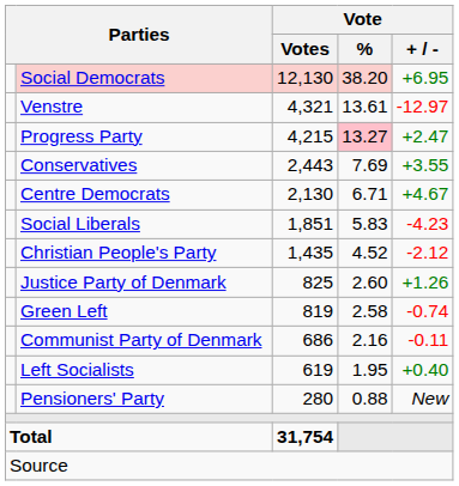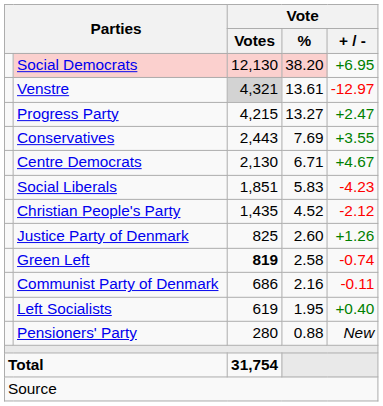 <table class="wikitable" style="text-align:right;">
 <tr>
 <th style="text-align:centre;" rowspan="2" colspan="2" width="225">Parties</th>
 <th colspan="3">Vote</th>
 </tr>
 <tr>
 <th width="15">Votes</th>
 <th width="15">%</th>
 <th width="15">+ / -</th>
 </tr>
 <tr>
 <td width="2" style="color:inherit;background:"></td>
 <td bgcolor=#fbd0ce  align="left"><a href='#'>Social Democrats</a></td>
 <td bgcolor=#fbd0ce>12,130</td>
 <td bgcolor=#fbd0ce>38.20</td>
 <td style=color:green;>+6.95</td>
 </tr>
 <tr>
 <td width="2" style="color:inherit;background:"></td>
 <td align="left"><a href='#'>Venstre</a></td>
-<td>4,321</td>
+<td style="background: lightgrey;">4,321</td>
 <td>13.61</td>
 <td style=color:red;>-12.97</td>
 </tr>
 <tr>
 <td width="2" style="color:inherit;background:"></td>
 <td align="left"><a href='#'>Progress Party</a></td>
 <td>4,215</td>
-<td style="background: pink;">13.27</td>
+<td>13.27</td>
 <td style=color:green;>+2.47</td>
 </tr>
 <tr>
 <td width="2" style="color:inherit;background:"></td>
 <td align="left"><a href='#'>Conservatives</a></td>
 <td>2,443</td>
 <td>7.69</td>
 <td style=color:green;>+3.55</td>
 </tr>
 <tr>
 <td width="2" style="color:inherit;background:"></td>
 <td align="left"><a href='#'>Centre Democrats</a></td>
 <td>2,130</td>
 <td>6.71</td>
 <td style=color:green;>+4.67</td>
 </tr>
 <tr>
 <td width="2" style="color:inherit;background:"></td>
 <td align="left"><a href='#'>Social Liberals</a></td>
 <td>1,851</td>
 <td>5.83</td>
 <td style=color:red;>-4.23</td>
 </tr>
 <tr>
 <td width="2" style="color:inherit;background:"></td>
 <td align="left"><a href='#'>Christian People's Party</a></td>
 <td>1,435</td>
 <td>4.52</td>
 <td style=color:red;>-2.12</td>
 </tr>
 <tr>
 <td width="2" style="color:inherit;background:"></td>
 <td align="left"><a href='#'>Justice Party of Denmark</a></td>
 <td>825</td>
 <td>2.60</td>
 <td style=color:green;>+1.26</td>
 </tr>
 <tr>
 <td width="2" style="color:inherit;background:"></td>
 <td align="left"><a href='#'>Green Left</a></td>
-<td>819</td>
+<td><strong>819</strong></td>
 <td>2.58</td>
 <td style=color:red;>-0.74</td>
 </tr>
 <tr>
 <td width="2" style="color:inherit;background:"></td>
 <td align="left"><a href='#'>Communist Party of Denmark</a></td>
 <td>686</td>
 <td>2.16</td>
 <td style=color:red;>-0.11</td>
 </tr>
 <tr>
 <td width="2" style="color:inherit;background:"></td>
 <td align="left"><a href='#'>Left Socialists</a></td>
 <td>619</td>
 <td>1.95</td>
 <td style=color:green;>+0.40</td>
 </tr>
 <tr>
 <td width="2" style="color:inherit;background:"></td>
 <td align="left"><a href='#'>Pensioners' Party</a></td>
 <td>280</td>
 <td>0.88</td>
 <td><em>New</em></td>
 </tr>
 <tr>
 <td colspan="7" bgcolor="#E9E9E9"></td>
 </tr>
 <tr>
 <td align="left" colspan="2"><strong>Total</strong></td>
 <td><strong>31,754</strong></td>
 <td bgcolor="#E9E9E9" colspan="2"></td>
 </tr>
 <tr>
 <td align="left" colspan="6">Source</td>
 </tr>
 </table>
